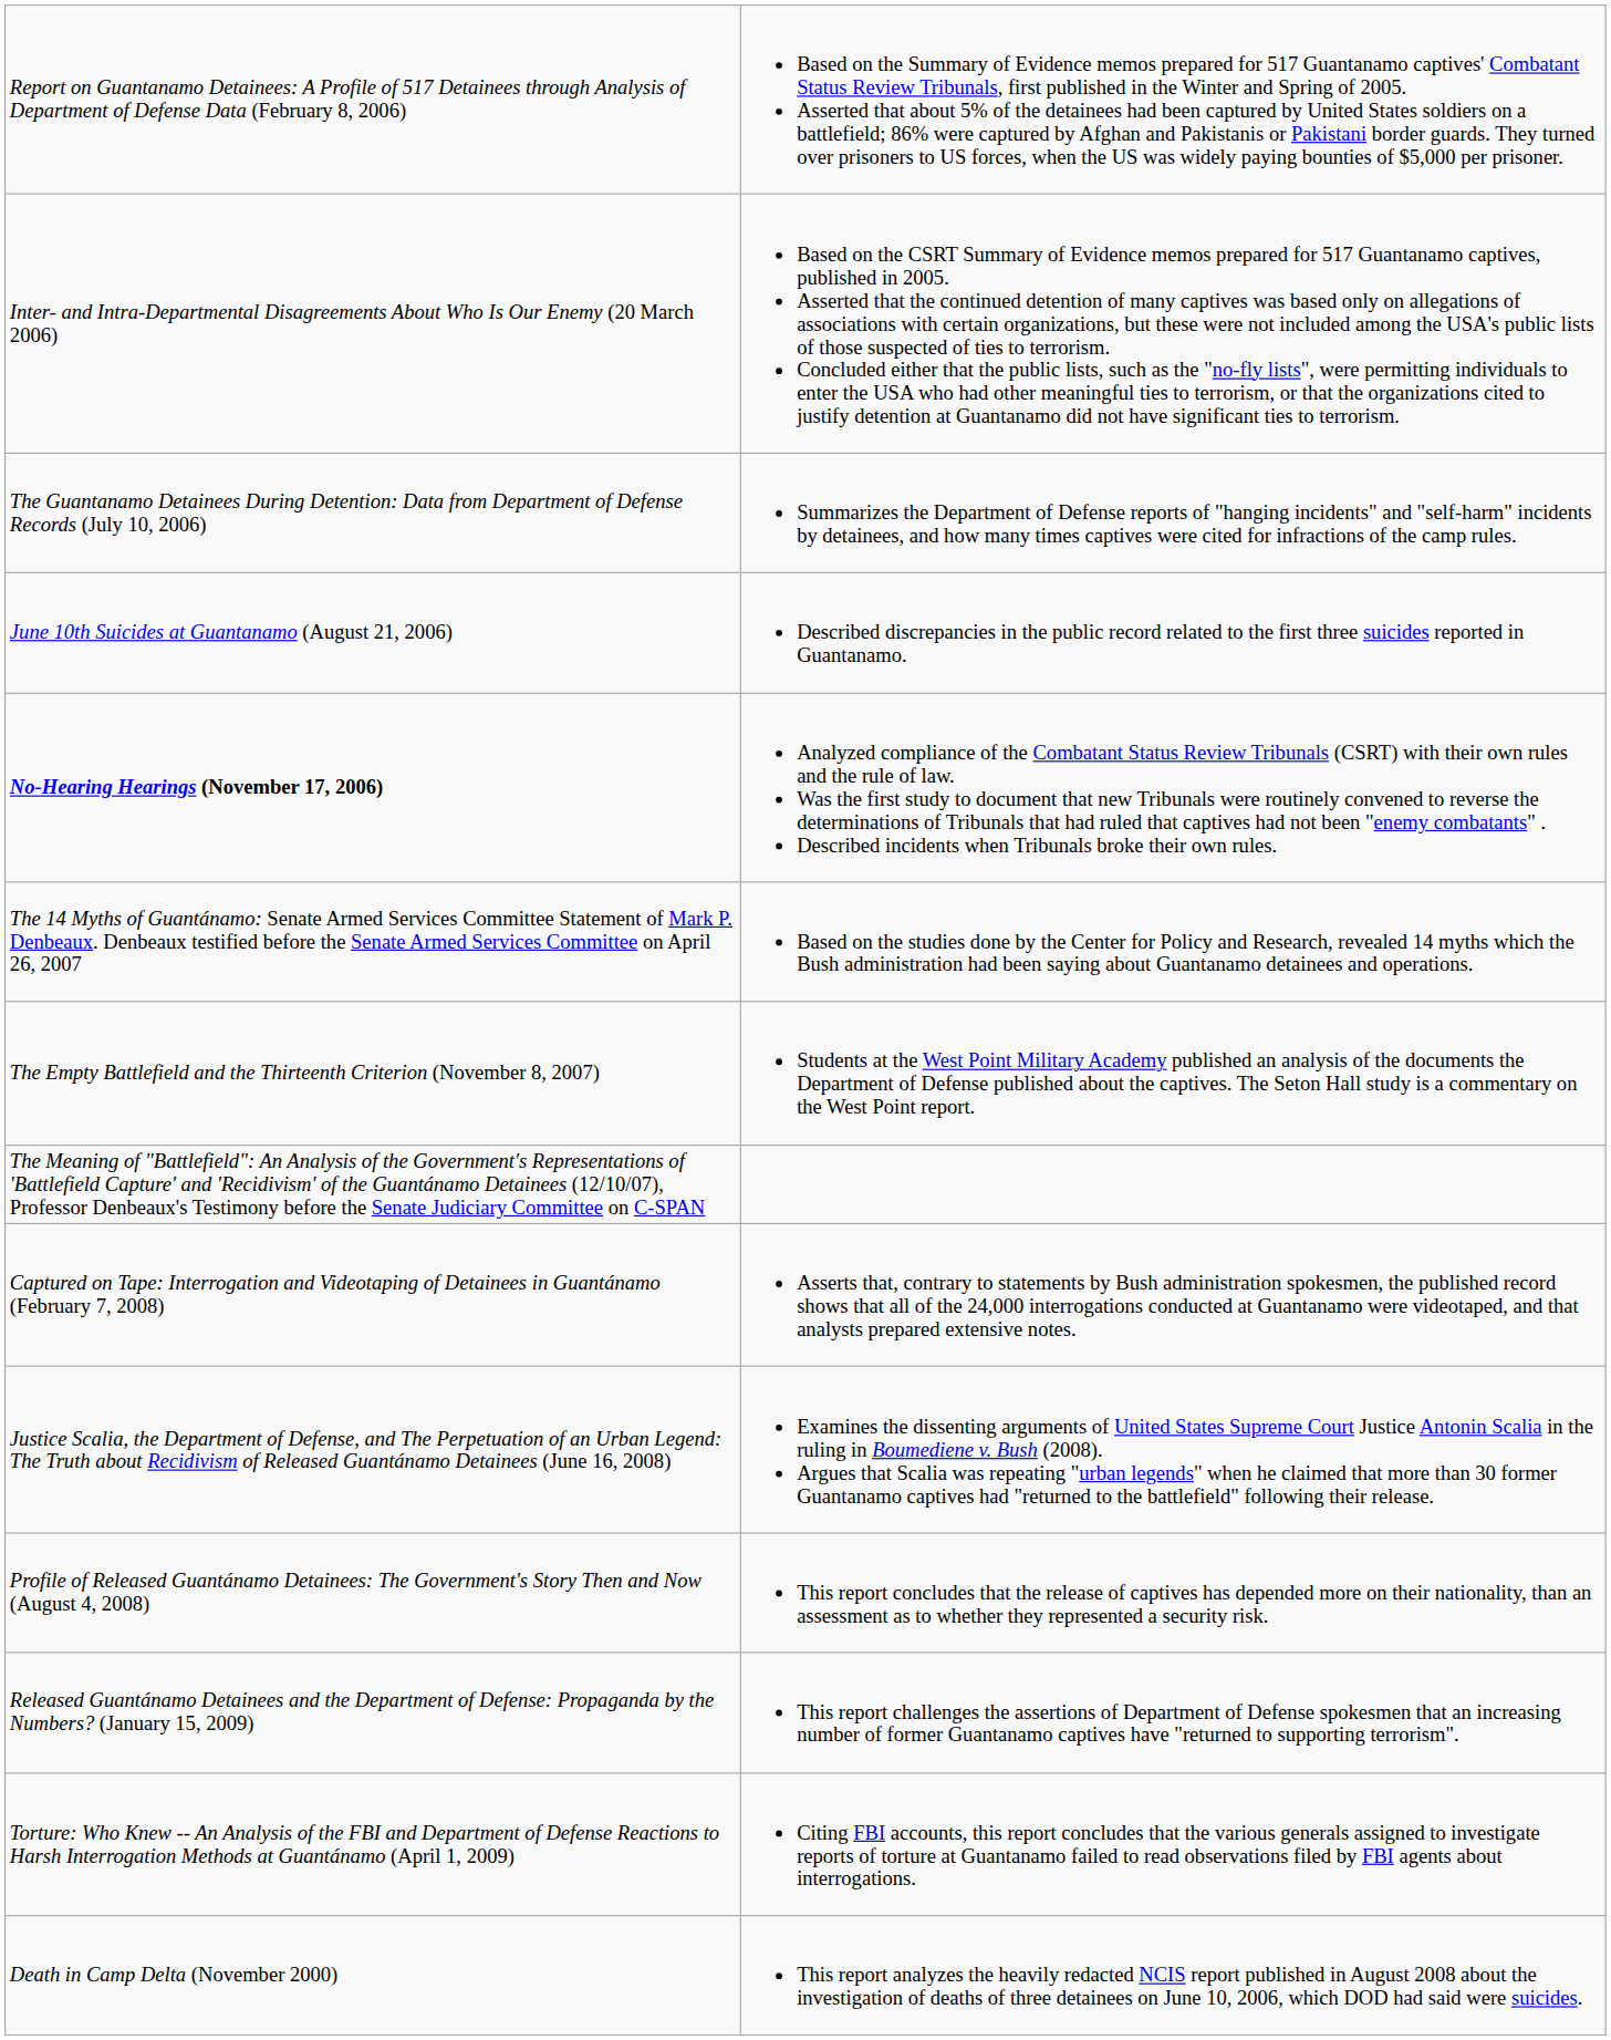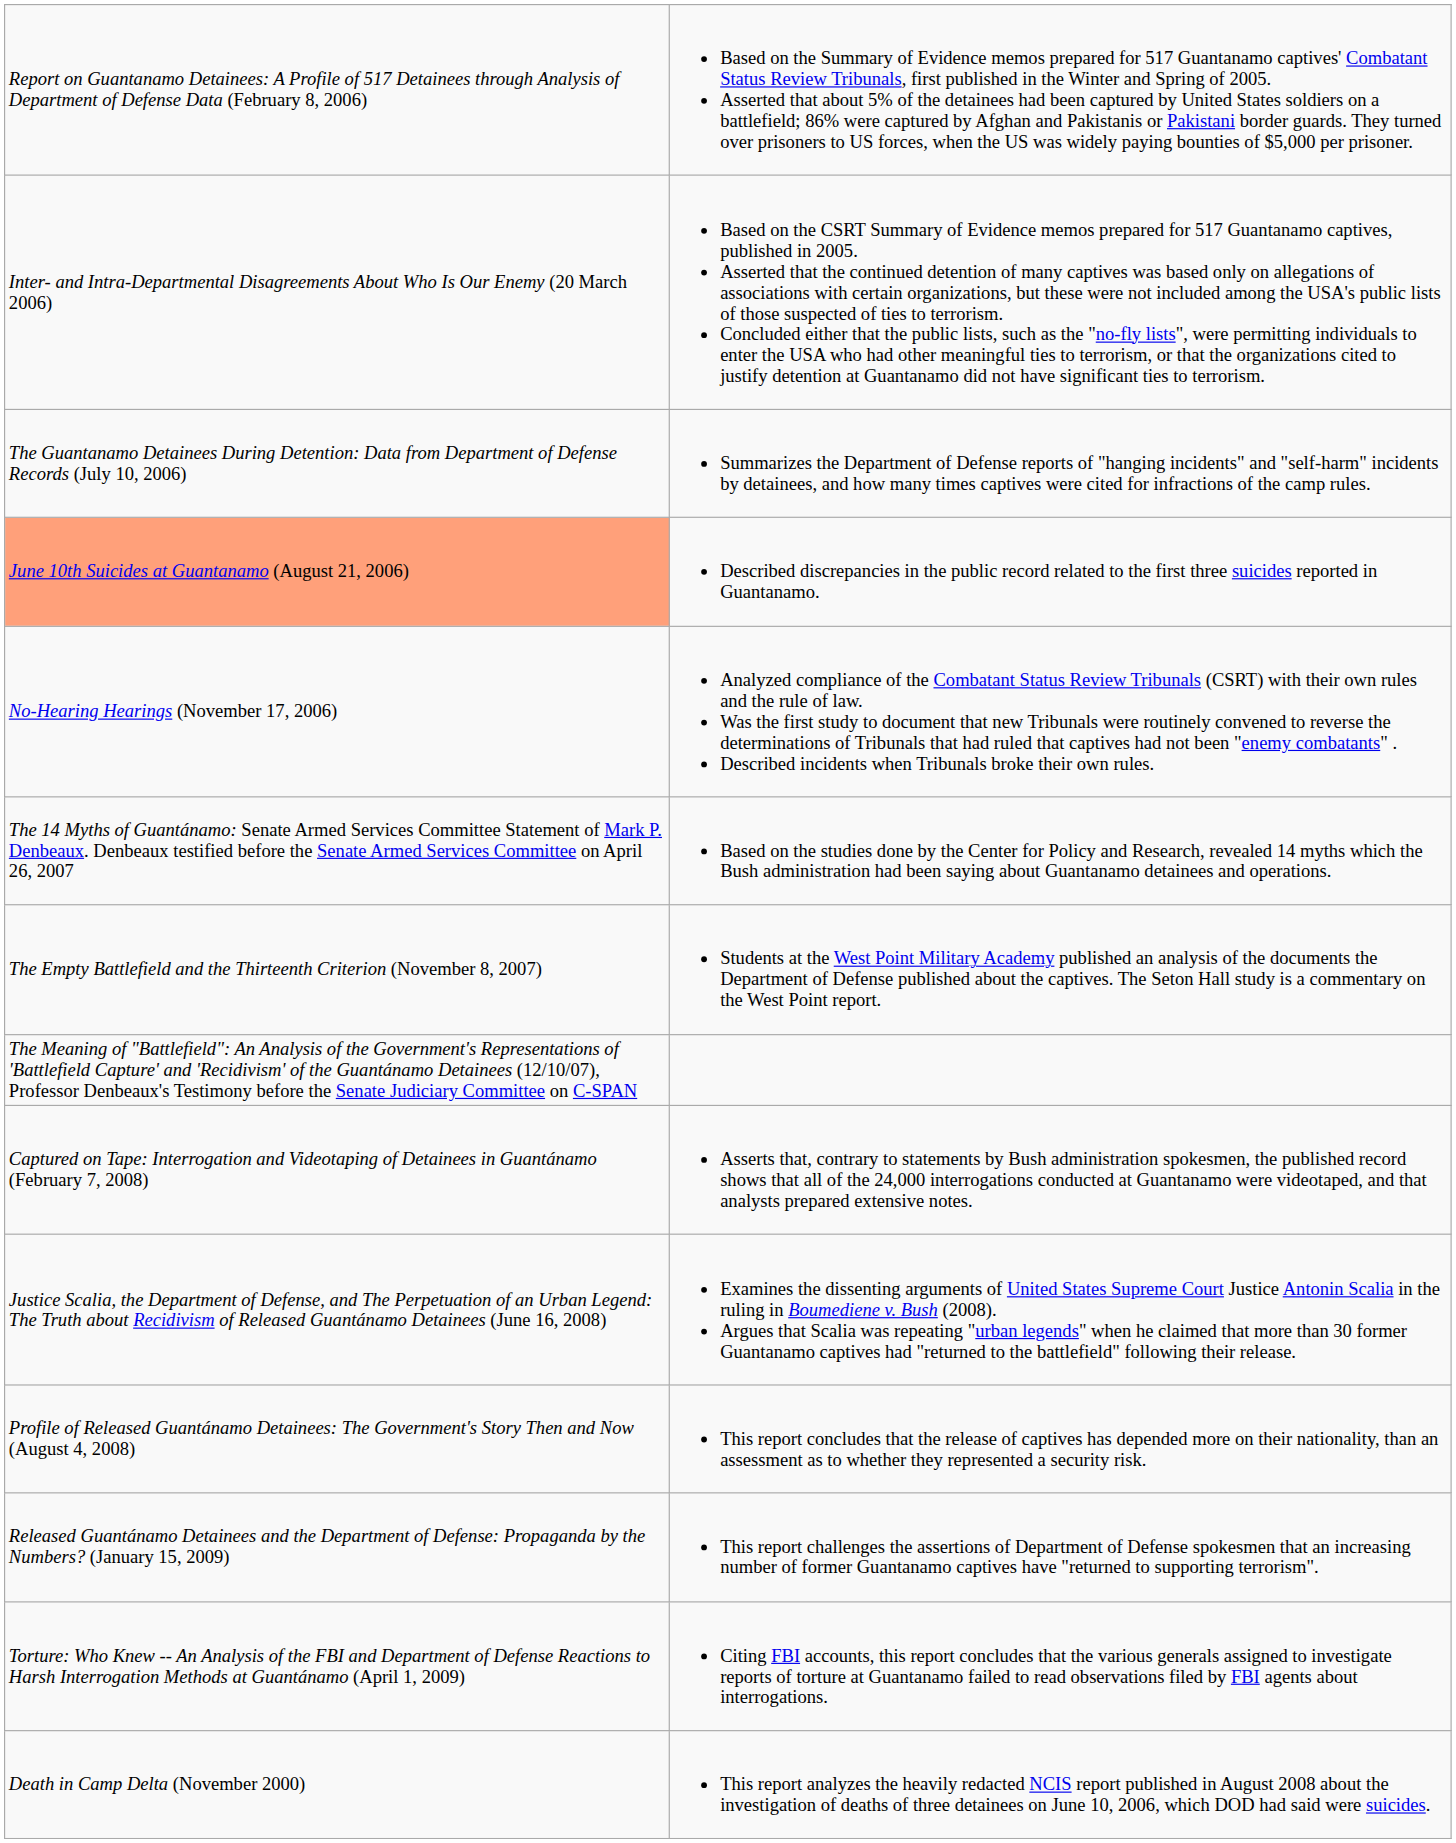 <table class="wikitable" border="1">
 <tr>
 <td><em>Report on Guantanamo Detainees: A Profile of 517 Detainees through Analysis of Department of Defense Data</em> (February 8, 2006)</td>
 <td><br><ul><li>Based on the Summary of Evidence memos prepared for 517 Guantanamo captives' <a href='#'>Combatant Status Review Tribunals</a>, first published in the Winter and Spring of 2005.</li><li>Asserted that about 5% of the detainees had been captured by United States soldiers on a battlefield; 86% were captured by Afghan and Pakistanis or <a href='#'>Pakistani</a> border guards. They turned over prisoners to US forces, when the US was widely paying bounties of $5,000 per prisoner.</li></ul></td>
 </tr>
 <tr>
 <td><em>Inter- and Intra-Departmental Disagreements About Who Is Our Enemy</em> (20 March 2006)</td>
 <td><br><ul><li>Based on the CSRT Summary of Evidence memos prepared for 517 Guantanamo captives, published in 2005.</li><li>Asserted that the continued detention of many captives was based only on allegations of associations with certain organizations, but these were not included among the USA's public lists of those suspected of ties to terrorism.</li><li>Concluded either that the public lists, such as the "<a href='#'>no-fly lists</a>", were permitting individuals to enter the USA who had other meaningful ties to terrorism, or that the organizations cited to justify detention at Guantanamo did not have significant ties to terrorism.</li></ul></td>
 </tr>
 <tr>
 <td><em>The Guantanamo Detainees During Detention: Data from Department of Defense Records</em> (July 10, 2006)</td>
 <td><br><ul><li>Summarizes the Department of Defense reports of "hanging incidents" and "self-harm" incidents by detainees, and how many times captives were cited for infractions of the camp rules.</li></ul></td>
 </tr>
 <tr>
-<td><em><a href='#'>June 10th Suicides at Guantanamo</a></em> (August 21, 2006)</td>
+<td style="background: lightsalmon;"><em><a href='#'>June 10th Suicides at Guantanamo</a></em> (August 21, 2006)</td>
 <td><br><ul><li>Described discrepancies in the public record related to the first three <a href='#'>suicides</a> reported in Guantanamo.</li></ul></td>
 </tr>
 <tr>
-<td><strong><em><a href='#'>No-Hearing Hearings</a></em> (November 17, 2006)</strong></td>
+<td><em><a href='#'>No-Hearing Hearings</a></em> (November 17, 2006)</td>
 <td><br><ul><li>Analyzed compliance of the <a href='#'>Combatant Status Review Tribunals</a> (CSRT) with their own rules and the rule of law.</li><li>Was the first study to document that new Tribunals were routinely convened to reverse the determinations of Tribunals that had ruled that captives had not been "<a href='#'>enemy combatants</a>" .</li><li>Described incidents when Tribunals broke their own rules.</li></ul></td>
 </tr>
 <tr>
 <td><em>The 14 Myths of Guantánamo:</em> Senate Armed Services Committee Statement of <a href='#'>Mark P. Denbeaux</a>. Denbeaux testified before the <a href='#'>Senate Armed Services Committee</a> on April 26, 2007</td>
 <td><br><ul><li>Based on the studies done by the Center for Policy and Research, revealed 14 myths which the Bush administration had been saying about Guantanamo detainees and operations.</li></ul></td>
 </tr>
 <tr>
 <td><em>The Empty Battlefield and the Thirteenth Criterion</em> (November 8, 2007)</td>
 <td><br><ul><li>Students at the <a href='#'>West Point Military Academy</a> published an analysis of the documents the Department of Defense published about the captives.  The Seton Hall study is a commentary on the West Point report.</li></ul></td>
 </tr>
 <tr>
 <td><em>The Meaning of "Battlefield": An Analysis of the Government's Representations of 'Battlefield Capture' and 'Recidivism' of the Guantánamo Detainees</em> (12/10/07), Professor Denbeaux's Testimony before the <a href='#'>Senate Judiciary Committee</a> on <a href='#'>C-SPAN</a></td>
 <td><br></td>
 </tr>
 <tr>
 <td><em>Captured on Tape: Interrogation and Videotaping of Detainees in Guantánamo</em> (February 7, 2008)</td>
 <td><br><ul><li>Asserts that, contrary to statements by Bush administration spokesmen, the published record shows that all of the 24,000 interrogations conducted at Guantanamo were videotaped, and that analysts prepared extensive notes.</li></ul></td>
 </tr>
 <tr>
 <td><em>Justice Scalia, the Department of Defense, and The Perpetuation of an Urban Legend: The Truth about <a href='#'>Recidivism</a> of Released Guantánamo Detainees</em> (June 16, 2008)</td>
 <td><br><ul><li>Examines the dissenting arguments of <a href='#'>United States Supreme Court</a> Justice <a href='#'>Antonin Scalia</a> in the ruling in <em><a href='#'>Boumediene v. Bush</a></em> (2008).</li><li>Argues that Scalia was repeating "<a href='#'>urban legends</a>" when he claimed that more than 30 former Guantanamo captives had "returned to the battlefield" following their release.</li></ul></td>
 </tr>
 <tr>
 <td><em>Profile of Released Guantánamo Detainees: The Government's Story Then and Now</em> (August 4, 2008)</td>
 <td><br><ul><li>This report concludes that the release of captives has depended more on their nationality, than an assessment as to whether they represented a security risk.</li></ul></td>
 </tr>
 <tr>
 <td><em>Released Guantánamo Detainees and the Department of Defense: Propaganda by the Numbers?</em>  (January 15, 2009)</td>
 <td><br><ul><li>This report challenges the assertions of Department of Defense spokesmen that an increasing number of former Guantanamo captives have "returned to supporting terrorism".</li></ul></td>
 </tr>
 <tr>
 <td><em>Torture: Who Knew -- An Analysis of the FBI and Department of Defense Reactions to Harsh Interrogation Methods at Guantánamo</em> (April 1, 2009)</td>
 <td><br><ul><li>Citing <a href='#'>FBI</a> accounts, this report concludes that the various generals assigned to investigate reports of torture at Guantanamo failed to read observations filed by <a href='#'>FBI</a> agents about interrogations.</li></ul></td>
 </tr>
 <tr>
 <td><em>Death in Camp Delta</em> (November 2000)</td>
 <td><br><ul><li>This report analyzes the heavily redacted <a href='#'>NCIS</a> report published in August 2008 about the investigation of deaths of three detainees on June 10, 2006, which DOD had said were <a href='#'>suicides</a>.</li></ul></td>
 </tr>
 </table>
